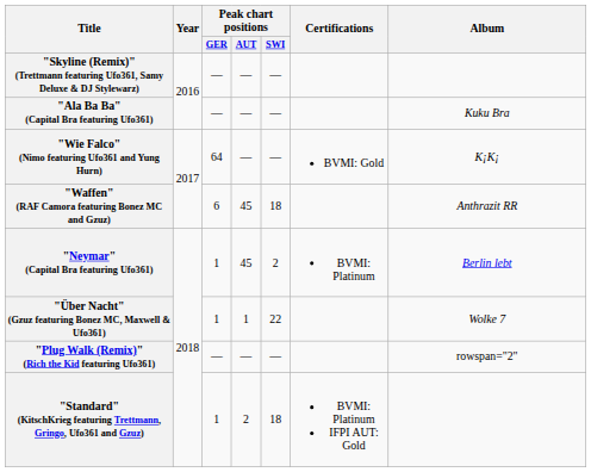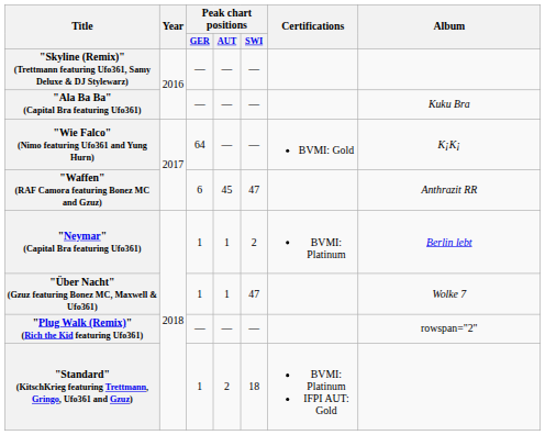 <table class="wikitable plainrowheaders" style="text-align:center;">
 <tr>
 <th scope="col" rowspan="2" style="width:14em;">Title</th>
 <th scope="col" rowspan="2" style="width:1em;">Year</th>
 <th scope="col" colspan="3">Peak chart positions</th>
 <th scope="col" rowspan="2" style="width:8em;">Certifications</th>
 <th scope="col" rowspan="2" style="width:16.5em;">Album</th>
 </tr>
 <tr>
 <th style="width:2.5em; font-size:85%"><a href='#'>GER</a><br></th>
 <th style="width:2.5em; font-size:85%"><a href='#'>AUT</a><br></th>
 <th style="width:2.5em; font-size:85%"><a href='#'>SWI</a><br></th>
 </tr>
 <tr>
 <th scope="row">"Skyline (Remix)"<br><small>(Trettmann featuring Ufo361, Samy Deluxe & DJ Stylewarz)</small></th>
 <td rowspan="2">2016</td>
 <td>—</td>
 <td>—</td>
 <td>—</td>
 <td></td>
 <td></td>
 </tr>
 <tr>
 <th scope="row">"Ala Ba Ba"<br><small>(Capital Bra featuring Ufo361)</small></th>
 <td>—</td>
 <td>—</td>
 <td>—</td>
 <td></td>
 <td><em>Kuku Bra</em></td>
 </tr>
 <tr>
 <th scope="row">"Wie Falco"<br><small>(Nimo featuring Ufo361 and Yung Hurn)</small></th>
 <td rowspan="2">2017</td>
 <td>64</td>
 <td>—</td>
 <td>—</td>
 <td><br><ul><li>BVMI: Gold</li></ul></td>
 <td><em>K¡K¡</em></td>
 </tr>
 <tr>
 <th scope="row">"Waffen"<br><small>(RAF Camora featuring Bonez MC and Gzuz)</small></th>
 <td>6</td>
 <td>45</td>
-<td>18</td>
+<td>47</td>
 <td></td>
 <td><em>Anthrazit RR</em></td>
 </tr>
 <tr>
 <th scope="row">"<a href='#'>Neymar</a>"<br><small>(Capital Bra featuring Ufo361)</small></th>
 <td rowspan="4">2018</td>
 <td>1</td>
-<td>45</td>
+<td>1</td>
 <td>2</td>
 <td><br><ul><li>BVMI: Platinum</li></ul></td>
 <td><em><a href='#'>Berlin lebt</a></em></td>
 </tr>
 <tr>
 <th scope="row">"Über Nacht"<br><small>(Gzuz featuring Bonez MC, Maxwell & Ufo361)</small></th>
 <td>1</td>
 <td>1</td>
-<td>22</td>
+<td>47</td>
 <td></td>
 <td><em>Wolke 7</em></td>
 </tr>
 <tr>
 <th scope="row">"<a href='#'>Plug Walk (Remix)</a>"<br><small>(<a href='#'>Rich the Kid</a> featuring Ufo361)</small></th>
 <td>—</td>
 <td>—</td>
 <td>—</td>
 <td></td>
 <td>rowspan="2" </td>
 </tr>
 <tr>
 <th scope="row">"Standard"<br><small>(KitschKrieg featuring <a href='#'>Trettmann</a>, <a href='#'>Gringo</a>, Ufo361 and <a href='#'>Gzuz</a>)</small></th>
 <td>1</td>
 <td>2</td>
 <td>18</td>
 <td><br><ul><li>BVMI: Platinum</li><li>IFPI AUT: Gold</li></ul></td>
 </tr>
 </table>
